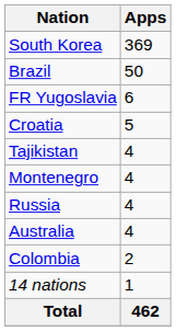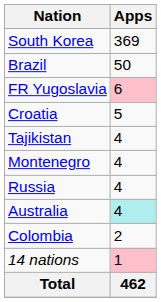 <table class="wikitable">
 <tr>
 <th>Nation</th>
 <th>Apps</th>
 </tr>
 <tr>
 <td> <a href='#'>South Korea</a></td>
 <td>369</td>
 </tr>
 <tr>
 <td> <a href='#'>Brazil</a></td>
 <td>50</td>
 </tr>
 <tr>
 <td> <a href='#'>FR Yugoslavia</a></td>
-<td>6</td>
+<td style="background: pink;">6</td>
 </tr>
 <tr>
 <td> <a href='#'>Croatia</a></td>
 <td>5</td>
 </tr>
 <tr>
 <td> <a href='#'>Tajikistan</a></td>
 <td>4</td>
 </tr>
 <tr>
 <td> <a href='#'>Montenegro</a></td>
 <td>4</td>
 </tr>
 <tr>
 <td> <a href='#'>Russia</a></td>
 <td>4</td>
 </tr>
 <tr>
 <td> <a href='#'>Australia</a></td>
-<td>4</td>
+<td style="background: paleturquoise;">4</td>
 </tr>
 <tr>
 <td> <a href='#'>Colombia</a></td>
 <td>2</td>
 </tr>
 <tr>
 <td><em>14 nations</em></td>
-<td>1</td>
+<td style="background: pink;">1</td>
 </tr>
 <tr>
 <th>Total</th>
 <th>462</th>
 </tr>
 <tr>
 </tr>
 </table>
